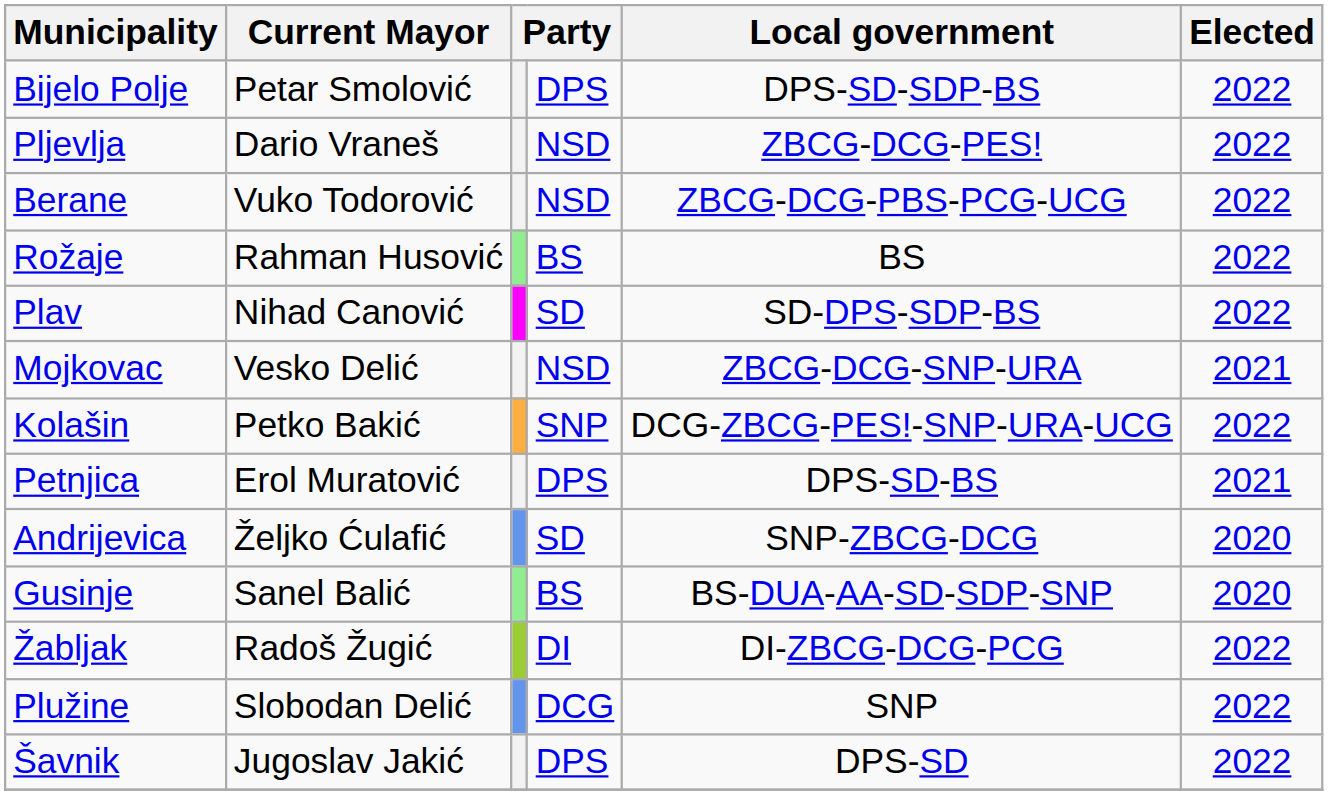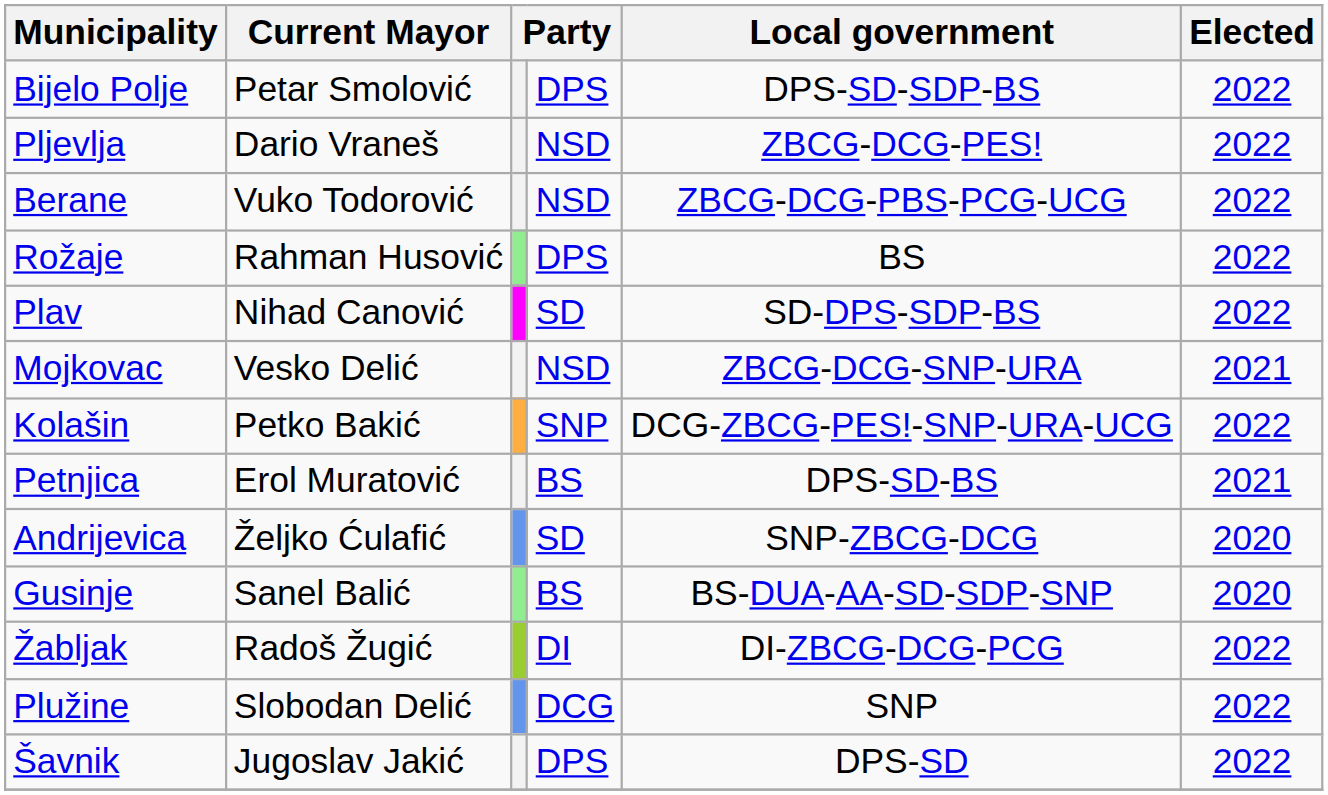 <table class="wikitable sortable">
 <tr>
 <th>Municipality</th>
 <th>Current Mayor</th>
 <th colspan=2>Party</th>
 <th>Local government</th>
 <th>Elected</th>
 </tr>
 <tr>
 <td><a href='#'>Bijelo Polje</a></td>
 <td>Petar Smolović</td>
 <th style="background-color: "></th>
 <td><a href='#'>DPS</a></td>
 <td style="text-align:center;">DPS-<a href='#'>SD</a>-<a href='#'>SDP</a>-<a href='#'>BS</a></td>
 <td style="text-align:center;"><a href='#'>2022</a></td>
 </tr>
 <tr>
 <td><a href='#'>Pljevlja</a></td>
 <td>Dario Vraneš</td>
 <th style="background-color: "></th>
 <td><a href='#'>NSD</a></td>
 <td style="text-align:center;"><a href='#'>ZBCG</a>-<a href='#'>DCG</a>-<a href='#'>PES!</a></td>
 <td style="text-align:center;"><a href='#'>2022</a></td>
 </tr>
 <tr>
 <td><a href='#'>Berane</a></td>
 <td>Vuko Todorović</td>
 <th style="background-color: "></th>
 <td><a href='#'>NSD</a></td>
 <td style="text-align:center;"><a href='#'>ZBCG</a>-<a href='#'>DCG</a>-<a href='#'>PBS</a>-<a href='#'>PCG</a>-<a href='#'>UCG</a></td>
 <td style="text-align:center;"><a href='#'>2022</a></td>
 </tr>
 <tr>
 <td><a href='#'>Rožaje</a></td>
 <td>Rahman Husović</td>
 <th style="background-color: lightgreen"></th>
-<td><a href='#'>BS</a></td>
+<td><a href='#'>DPS</a></td>
 <td style="text-align:center;">BS</td>
 <td style="text-align:center;"><a href='#'>2022</a></td>
 </tr>
 <tr>
 <td><a href='#'>Plav</a></td>
 <td>Nihad Canović</td>
 <th style="background-color: #fd00ff"></th>
 <td><a href='#'>SD</a></td>
 <td style="text-align:center;">SD-<a href='#'>DPS</a>-<a href='#'>SDP</a>-<a href='#'>BS</a></td>
 <td style="text-align:center;"><a href='#'>2022</a></td>
 </tr>
 <tr>
 <td><a href='#'>Mojkovac</a></td>
 <td>Vesko Delić</td>
 <th style="background-color: "></th>
 <td><a href='#'>NSD</a></td>
 <td style="text-align:center;"><a href='#'>ZBCG</a>-<a href='#'>DCG</a>-<a href='#'>SNP</a>-<a href='#'>URA</a></td>
 <td style="text-align:center;"><a href='#'>2021</a></td>
 </tr>
 <tr>
 <td><a href='#'>Kolašin</a></td>
 <td>Petko Bakić</td>
 <th style="background-color: #ffae42"></th>
 <td><a href='#'>SNP</a></td>
 <td style="text-align:center;">DCG-<a href='#'>ZBCG</a>-<a href='#'>PES!</a>-<a href='#'>SNP</a>-<a href='#'>URA</a>-<a href='#'>UCG</a></td>
 <td style="text-align:center;"><a href='#'>2022</a></td>
 </tr>
 <tr>
 <td><a href='#'>Petnjica</a></td>
 <td>Erol Muratović</td>
 <th style="background-color: "></th>
-<td><a href='#'>DPS</a></td>
+<td><a href='#'>BS</a></td>
 <td style="text-align:center;">DPS-<a href='#'>SD</a>-<a href='#'>BS</a></td>
 <td style="text-align:center;"><a href='#'>2021</a></td>
 </tr>
 <tr>
 <td><a href='#'>Andrijevica</a></td>
 <td>Željko Ćulafić</td>
 <th style="background-color: cornflowerblue"></th>
 <td><a href='#'>SD</a></td>
 <td style="text-align:center;">SNP-<a href='#'>ZBCG</a>-<a href='#'>DCG</a></td>
 <td style="text-align:center;"><a href='#'>2020</a></td>
 </tr>
 <tr>
 <td><a href='#'>Gusinje</a></td>
 <td>Sanel Balić</td>
 <th style="background-color: lightgreen"></th>
 <td><a href='#'>BS</a></td>
 <td style="text-align:center;">BS-<a href='#'>DUA</a>-<a href='#'>AA</a>-<a href='#'>SD</a>-<a href='#'>SDP</a>-<a href='#'>SNP</a></td>
 <td style="text-align:center;"><a href='#'>2020</a></td>
 </tr>
 <tr>
 <td><a href='#'>Žabljak</a></td>
 <td>Radoš Žugić</td>
 <th style="background:#9ACD32;"></th>
 <td><a href='#'>DI</a></td>
 <td style="text-align:center;">DI-<a href='#'>ZBCG</a>-<a href='#'>DCG</a>-<a href='#'>PCG</a></td>
 <td style="text-align:center;"><a href='#'>2022</a></td>
 </tr>
 <tr>
 <td><a href='#'>Plužine</a></td>
 <td>Slobodan Delić</td>
 <th style="background-color: cornflowerblue"></th>
 <td><a href='#'>DCG</a></td>
 <td style="text-align:center;">SNP</td>
 <td style="text-align:center;"><a href='#'>2022</a></td>
 </tr>
 <tr>
 <td><a href='#'>Šavnik</a></td>
 <td>Jugoslav Jakić</td>
 <th style="background-color: "></th>
 <td><a href='#'>DPS</a></td>
 <td style="text-align:center;">DPS-<a href='#'>SD</a></td>
 <td style="text-align:center;"><a href='#'>2022</a></td>
 </tr>
 <tr>
 </tr>
 </table>
